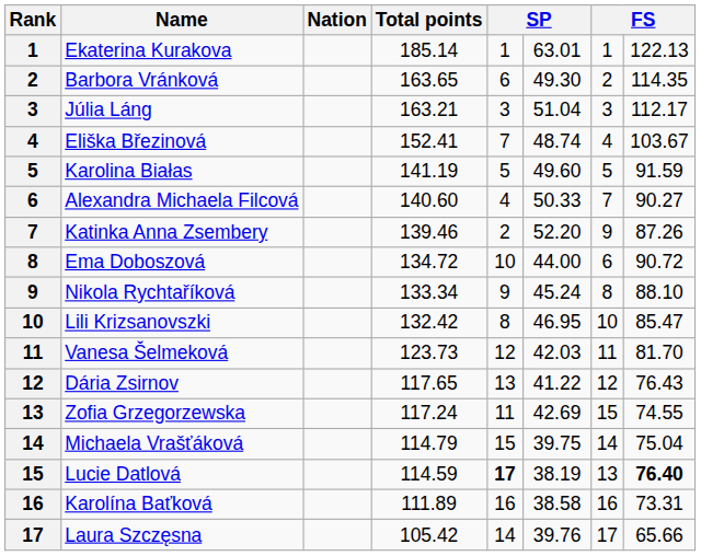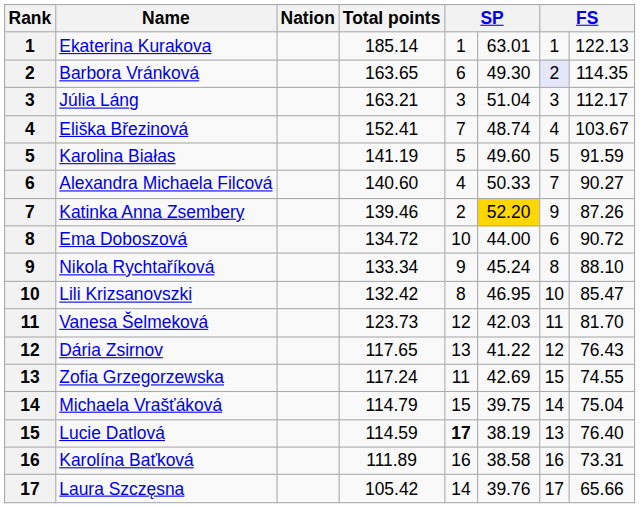 <table class="wikitable sortable">
 <tr>
 <th>Rank</th>
 <th>Name</th>
 <th>Nation</th>
 <th>Total points</th>
 <th colspan=2 width=80px><a href='#'>SP</a></th>
 <th colspan=2 width=80px><a href='#'>FS</a></th>
 </tr>
 <tr>
 <th>1</th>
 <td><a href='#'>Ekaterina Kurakova</a></td>
 <td></td>
 <td align=center>185.14</td>
 <td align=center>1</td>
 <td align=center>63.01</td>
 <td align=center>1</td>
 <td align=center>122.13</td>
 </tr>
 <tr>
 <th>2</th>
 <td><a href='#'>Barbora Vránková</a></td>
 <td></td>
 <td align="center">163.65</td>
 <td align="center">6</td>
 <td align="center">49.30</td>
-<td align="center">2</td>
+<td align="center" style="background: lavender;">2</td>
 <td align="center">114.35</td>
 </tr>
 <tr>
 <th>3</th>
 <td><a href='#'>Júlia Láng</a></td>
 <td></td>
 <td align=center>163.21</td>
 <td align=center>3</td>
 <td align=center>51.04</td>
 <td align=center>3</td>
 <td align=center>112.17</td>
 </tr>
 <tr>
 <th>4</th>
 <td><a href='#'>Eliška Březinová</a></td>
 <td></td>
 <td align="center">152.41</td>
 <td align="center">7</td>
 <td align="center">48.74</td>
 <td align="center">4</td>
 <td align="center">103.67</td>
 </tr>
 <tr>
 <th>5</th>
 <td><a href='#'>Karolina Białas</a></td>
 <td></td>
 <td align=center>141.19</td>
 <td align=center>5</td>
 <td align=center>49.60</td>
 <td align=center>5</td>
 <td align=center>91.59</td>
 </tr>
 <tr>
 <th>6</th>
 <td><a href='#'>Alexandra Michaela Filcová</a></td>
 <td></td>
 <td align="center">140.60</td>
 <td align="center">4</td>
 <td align="center">50.33</td>
 <td align="center">7</td>
 <td align="center">90.27</td>
 </tr>
 <tr>
 <th>7</th>
 <td><a href='#'>Katinka Anna Zsembery</a></td>
 <td></td>
 <td align="center">139.46</td>
 <td align="center">2</td>
-<td align="center">52.20</td>
+<td align="center" style="background: gold;">52.20</td>
 <td align="center">9</td>
 <td align="center">87.26</td>
 </tr>
 <tr>
 <th>8</th>
 <td><a href='#'>Ema Doboszová</a></td>
 <td></td>
 <td align="center">134.72</td>
 <td align="center">10</td>
 <td align="center">44.00</td>
 <td align="center">6</td>
 <td align="center">90.72</td>
 </tr>
 <tr>
 <th>9</th>
 <td><a href='#'>Nikola Rychtaříková</a></td>
 <td></td>
 <td align=center>133.34</td>
 <td align=center>9</td>
 <td align=center>45.24</td>
 <td align=center>8</td>
 <td align=center>88.10</td>
 </tr>
 <tr>
 <th>10</th>
 <td><a href='#'>Lili Krizsanovszki</a></td>
 <td></td>
 <td align="center">132.42</td>
 <td align="center">8</td>
 <td align="center">46.95</td>
 <td align="center">10</td>
 <td align="center">85.47</td>
 </tr>
 <tr>
 <th>11</th>
 <td><a href='#'>Vanesa Šelmeková</a></td>
 <td></td>
 <td align="center">123.73</td>
 <td align="center">12</td>
 <td align="center">42.03</td>
 <td align="center">11</td>
 <td align="center">81.70</td>
 </tr>
 <tr>
 <th>12</th>
 <td><a href='#'>Dária Zsirnov</a></td>
 <td></td>
 <td align="center">117.65</td>
 <td align="center">13</td>
 <td align="center">41.22</td>
 <td align="center">12</td>
 <td align="center">76.43</td>
 </tr>
 <tr>
 <th>13</th>
 <td><a href='#'>Zofia Grzegorzewska</a></td>
 <td></td>
 <td align="center">117.24</td>
 <td align="center">11</td>
 <td align="center">42.69</td>
 <td align="center">15</td>
 <td align="center">74.55</td>
 </tr>
 <tr>
 <th>14</th>
 <td><a href='#'>Michaela Vrašťáková</a></td>
 <td></td>
 <td align="center">114.79</td>
 <td align="center">15</td>
 <td align="center">39.75</td>
 <td align="center">14</td>
 <td align="center">75.04</td>
 </tr>
 <tr>
 <th>15</th>
 <td><a href='#'>Lucie Datlová</a></td>
 <td></td>
 <td align="center">114.59</td>
 <td align="center"><strong>17</strong></td>
 <td align="center">38.19</td>
 <td align="center">13</td>
-<td align="center"><strong>76.40</strong></td>
+<td align="center">76.40</td>
 </tr>
 <tr>
 <th>16</th>
 <td><a href='#'>Karolína Baťková</a></td>
 <td></td>
 <td align=center>111.89</td>
 <td align=center>16</td>
 <td align=center>38.58</td>
 <td align=center>16</td>
 <td align=center>73.31</td>
 </tr>
 <tr>
 <th>17</th>
 <td><a href='#'>Laura Szczęsna</a></td>
 <td></td>
 <td align="center">105.42</td>
 <td align="center">14</td>
 <td align="center">39.76</td>
 <td align="center">17</td>
 <td align="center">65.66</td>
 </tr>
 </table>
